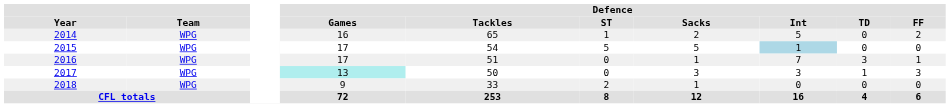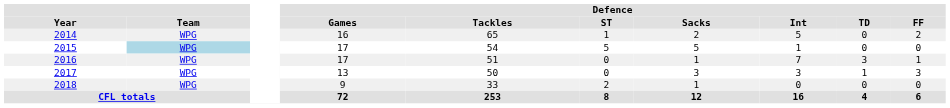 <table BORDER="0" CELLPADDING="1" CELLSPACING="0" width="65%" style="text-align:center">
 <tr bgcolor="#e0e0e0">
 <th colspan="2"></th>
 <th rowspan="100" bgcolor="#ffffff"> </th>
 <th colspan="7">Defence</th>
 </tr>
 <tr bgcolor="#e0e0e0">
 <th>Year</th>
 <th>Team</th>
 <th>Games</th>
 <th>Tackles</th>
 <th>ST</th>
 <th>Sacks</th>
 <th>Int</th>
 <th>TD</th>
 <th>FF</th>
 </tr>
 <tr ALIGN="center" bgcolor="#f0f0f0">
 <td><a href='#'>2014</a></td>
 <td><a href='#'>WPG</a></td>
 <td>16</td>
 <td>65</td>
 <td>1</td>
 <td>2</td>
 <td>5</td>
 <td>0</td>
 <td>2</td>
 </tr>
 <tr>
 <td><a href='#'>2015</a></td>
-<td><a href='#'>WPG</a></td>
+<td style="background: lightblue;"><a href='#'>WPG</a></td>
 <td>17</td>
 <td>54</td>
 <td>5</td>
 <td>5</td>
-<td style="background: lightblue;">1</td>
+<td>1</td>
 <td>0</td>
 <td>0</td>
 </tr>
 <tr ALIGN="center" bgcolor="#f0f0f0">
 <td><a href='#'>2016</a></td>
 <td><a href='#'>WPG</a></td>
 <td>17</td>
 <td>51</td>
 <td>0</td>
 <td>1</td>
 <td>7</td>
 <td>3</td>
 <td>1</td>
 </tr>
 <tr>
 <td><a href='#'>2017</a></td>
 <td><a href='#'>WPG</a></td>
-<td style="background: paleturquoise;">13</td>
+<td>13</td>
 <td>50</td>
 <td>0</td>
 <td>3</td>
 <td>3</td>
 <td>1</td>
 <td>3</td>
 </tr>
 <tr ALIGN="center" bgcolor="#f0f0f0">
 <td><a href='#'>2018</a></td>
 <td><a href='#'>WPG</a></td>
 <td>9</td>
 <td>33</td>
 <td>2</td>
 <td>1</td>
 <td>0</td>
 <td>0</td>
 <td>0</td>
 </tr>
 <tr>
 </tr>
 <tr bgcolor="#e0e0e0">
 <th colspan="2"><a href='#'>CFL totals</a></th>
 <th>72</th>
 <th>253</th>
 <th>8</th>
 <th>12</th>
 <th>16</th>
 <th>4</th>
 <th>6</th>
 </tr>
 </table>
